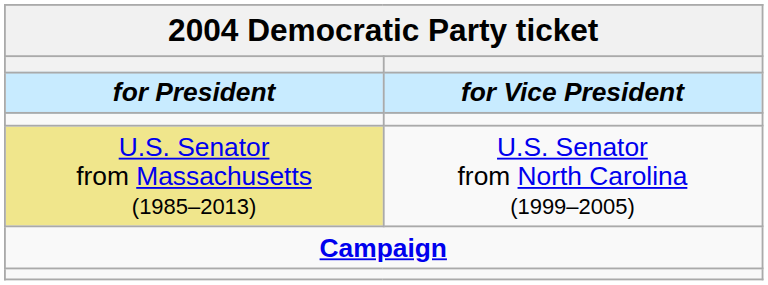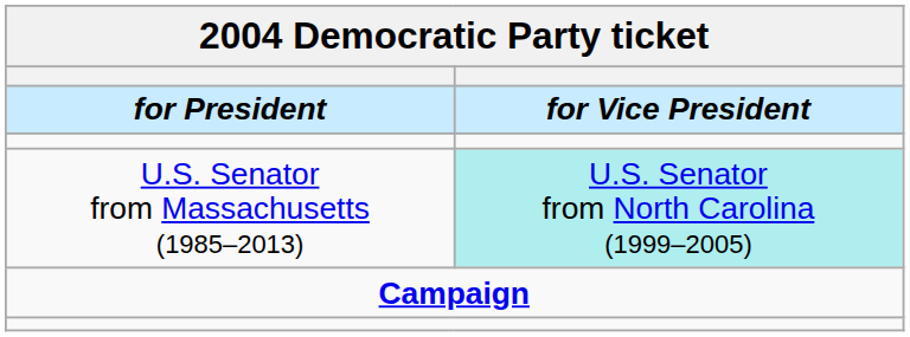 <table class="wikitable" style="font-size:90%; text-align:center;">
 <tr>
 <td style="background:#F1F1F1;" colspan="30"><big><strong>2004 Democratic Party ticket</strong></big></td>
 </tr>
 <tr>
 <th style="width:3em; font-size:135%; background:"><a href='#'></a></th>
 <th style="width:3em; font-size:135%; background:"><a href='#'></a></th>
 </tr>
 <tr style="color:#000; font-size:100%; background:#C8EBFF;">
 <td style="width:3em; width:200px;"><strong><em>for President</em></strong></td>
 <td style="width:3em; width:200px;"><strong><em>for Vice President</em></strong></td>
 </tr>
 <tr>
 <td></td>
 <td></td>
 </tr>
 <tr>
-<td style="background: khaki;"><a href='#'>U.S. Senator</a><br>from <a href='#'>Massachusetts</a><br><small>(1985–2013)</small></td>
-<td><a href='#'>U.S. Senator</a><br>from <a href='#'>North Carolina</a><br><small>(1999–2005)</small></td>
+<td><a href='#'>U.S. Senator</a><br>from <a href='#'>Massachusetts</a><br><small>(1985–2013)</small></td>
+<td style="background: paleturquoise;"><a href='#'>U.S. Senator</a><br>from <a href='#'>North Carolina</a><br><small>(1999–2005)</small></td>
 </tr>
 <tr>
 <td colspan=2><a href='#'><strong>Campaign</strong></a></td>
 </tr>
 <tr>
 <td colspan=2></td>
 </tr>
 </table>
